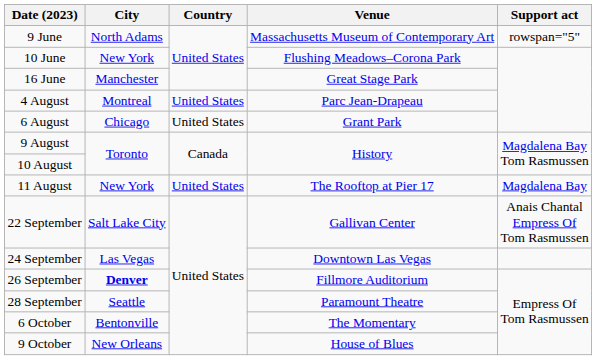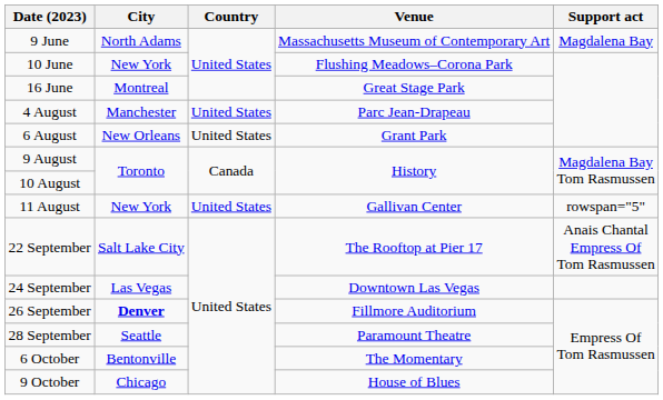 <table class="wikitable" style="text-align:center;">
 <tr>
 <th>Date (2023)</th>
 <th>City</th>
 <th>Country</th>
 <th>Venue</th>
 <th>Support act</th>
 </tr>
 <tr>
 <td>9 June</td>
 <td><a href='#'>North Adams</a></td>
 <td rowspan="3"><a href='#'>United States</a></td>
 <td><a href='#'>Massachusetts Museum of Contemporary Art</a></td>
-<td>rowspan="5" </td>
+<td><a href='#'>Magdalena Bay</a></td>
 </tr>
 <tr>
 <td>10 June</td>
 <td><a href='#'>New York</a></td>
 <td><a href='#'>Flushing Meadows–Corona Park</a></td>
 </tr>
 <tr>
 <td>16 June</td>
-<td><a href='#'>Manchester</a></td>
+<td><a href='#'>Montreal</a></td>
 <td><a href='#'>Great Stage Park</a></td>
 </tr>
 <tr>
 <td>4 August</td>
-<td><a href='#'>Montreal</a></td>
+<td><a href='#'>Manchester</a></td>
 <td><a href='#'>United States</a></td>
 <td><a href='#'>Parc Jean-Drapeau</a></td>
 </tr>
 <tr>
 <td>6 August</td>
-<td><a href='#'>Chicago</a></td>
+<td><a href='#'>New Orleans</a></td>
 <td>United States</td>
 <td><a href='#'>Grant Park</a></td>
 </tr>
 <tr>
 <td>9 August</td>
 <td rowspan="2"><a href='#'>Toronto</a></td>
 <td rowspan="2">Canada</td>
 <td rowspan="2"><a href='#'>History</a></td>
 <td rowspan="2"><a href='#'>Magdalena Bay</a><br>Tom Rasmussen</td>
 </tr>
 <tr>
 <td>10 August</td>
 </tr>
 <tr>
 <td>11 August</td>
 <td><a href='#'>New York</a></td>
 <td><a href='#'>United States</a></td>
-<td><a href='#'>The Rooftop at Pier 17</a></td>
-<td><a href='#'>Magdalena Bay</a></td>
+<td><a href='#'>Gallivan Center</a></td>
+<td>rowspan="5" </td>
 </tr>
 <tr>
 <td>22 September</td>
 <td><a href='#'>Salt Lake City</a></td>
 <td rowspan="6">United States</td>
-<td><a href='#'>Gallivan Center</a></td>
+<td><a href='#'>The Rooftop at Pier 17</a></td>
 <td>Anais Chantal<br><a href='#'>Empress Of</a><br>Tom Rasmussen</td>
 </tr>
 <tr>
 <td>24 September</td>
 <td><a href='#'>Las Vegas</a></td>
 <td><a href='#'>Downtown Las Vegas</a></td>
 <td></td>
 </tr>
 <tr>
 <td>26 September</td>
 <td><strong><a href='#'>Denver</a></strong></td>
 <td><a href='#'>Fillmore Auditorium</a></td>
 <td rowspan="4">Empress Of<br>Tom Rasmussen</td>
 </tr>
 <tr>
 <td>28 September</td>
 <td><a href='#'>Seattle</a></td>
 <td><a href='#'>Paramount Theatre</a></td>
 </tr>
 <tr>
 <td>6 October</td>
 <td><a href='#'>Bentonville</a></td>
 <td><a href='#'>The Momentary</a></td>
 </tr>
 <tr>
 <td>9 October</td>
-<td><a href='#'>New Orleans</a></td>
+<td><a href='#'>Chicago</a></td>
 <td><a href='#'>House of Blues</a></td>
 </tr>
 </table>
